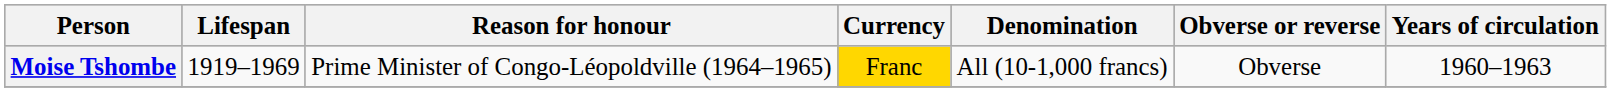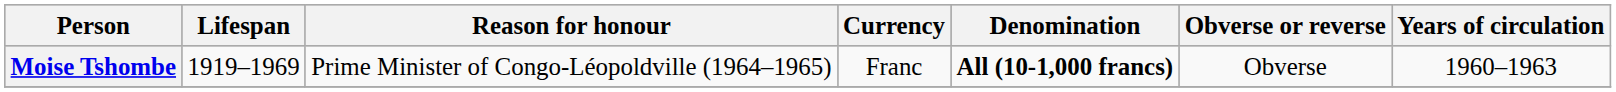 <table class="wikitable" style="font-size:95%; text-align:center;">
 <tr>
 <th>Person</th>
 <th>Lifespan</th>
 <th>Reason for honour</th>
 <th>Currency</th>
 <th>Denomination</th>
 <th>Obverse or reverse</th>
 <th>Years of circulation</th>
 </tr>
 <tr>
 <th><a href='#'>Moise Tshombe</a></th>
 <td>1919–1969</td>
 <td>Prime Minister of Congo-Léopoldville (1964–1965)</td>
-<td style="background: gold;">Franc</td>
-<td>All (10-1,000 francs)</td>
+<td>Franc</td>
+<td><strong>All (10-1,000 francs)</strong></td>
 <td>Obverse</td>
 <td>1960–1963</td>
 </tr>
 <tr>
 </tr>
 </table>
